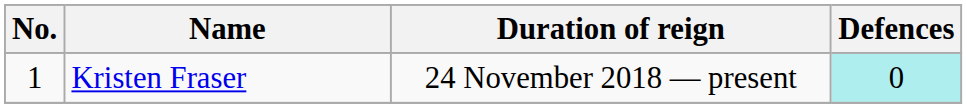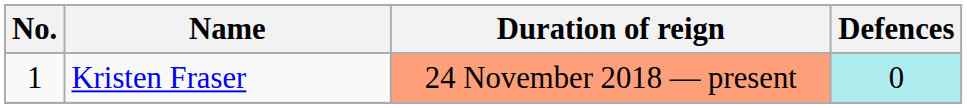 <table class="wikitable" width=80%>
 <tr>
 <th width=3%>No.</th>
 <th width=37%>Name</th>
 <th width=50%>Duration of reign</th>
 <th width=10%>Defences<br></th>
 </tr>
 <tr align=center>
 <td>1</td>
 <td align=left> <a href='#'>Kristen Fraser</a></td>
-<td>24 November 2018 — present</td>
+<td style="background: lightsalmon;">24 November 2018 — present</td>
 <td style="background: paleturquoise;">0</td>
 </tr>
 <tr align=center>
 </tr>
 </table>
